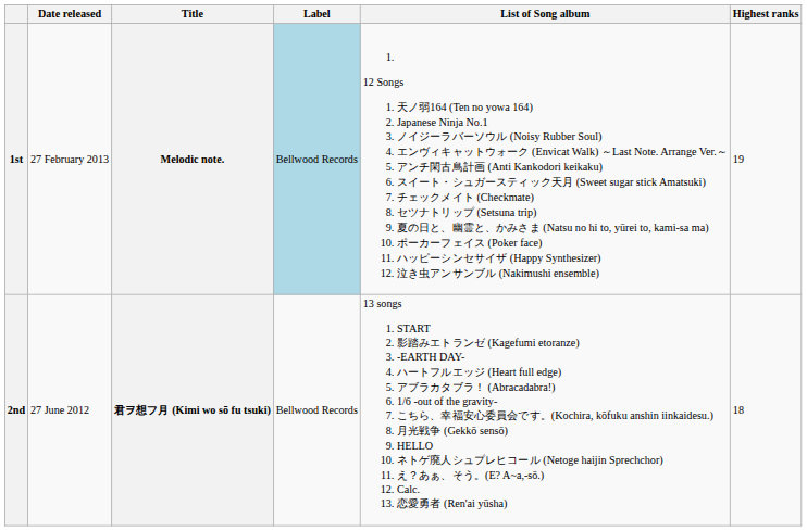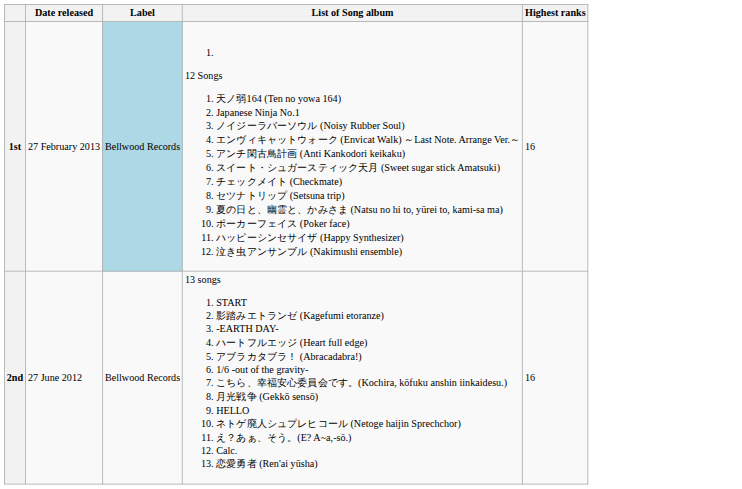 <table class="wikitable" style="font-size: small;">
 <tr>
 <th></th>
 <th>Date released</th>
-<th>Title</th>
 <th>Label</th>
 <th>List of Song album</th>
 <th>Highest ranks</th>
 </tr>
 <tr>
 <th>1st</th>
 <td>27 February 2013</td>
-<th>Melodic note.</th>
 <td style="background: lightblue;">Bellwood Records</td>
 <td><br><ol><li></li></ol>12 Songs<ol><li>天ノ弱164 (Ten no yowa 164)</li><li>Japanese Ninja No.1</li><li>ノイジーラバーソウル (Noisy Rubber Soul)</li><li>エンヴィキャットウォーク (Envicat Walk) ～Last Note. Arrange Ver.～</li><li>アンチ閑古鳥計画 (Anti Kankodori keikaku)</li><li>スイート・シュガースティック天月 (Sweet sugar stick Amatsuki)</li><li>チェックメイト (Checkmate)</li><li>セツナトリップ (Setsuna trip)</li><li>夏の日と、幽霊と、かみさま (Natsu no hi to, yūrei to, kami-sa ma)</li><li>ポーカーフェイス (Poker face)</li><li>ハッピーシンセサイザ (Happy Synthesizer)</li><li>泣き虫アンサンブル (Nakimushi ensemble)</li></ol></td>
-<td>19</td>
+<td>16</td>
 </tr>
 <tr>
 <th>2nd</th>
 <td>27 June 2012</td>
-<th>君ヲ想フ月 (Kimi wo sō fu tsuki)</th>
 <td>Bellwood Records</td>
 <td>13 songs<br><ol><li>START</li><li>影踏みエトランゼ (Kagefumi etoranze)</li><li>-EARTH DAY-</li><li>ハートフルエッジ (Heart full edge)</li><li>アブラカタブラ！ (Abracadabra!)</li><li>1/6 -out of the gravity-</li><li>こちら、幸福安心委員会です。(Kochira, kōfuku anshin iinkaidesu.)</li><li>月光戦争 (Gekkō sensō)</li><li>HELLO</li><li>ネトゲ廃人シュプレヒコール (Netoge haijin Sprechchor)</li><li>え？あぁ、そう。(E? A~a,-sō.)</li><li>Calc.</li><li>恋愛勇者 (Ren'ai yūsha)</li></ol></td>
-<td>18</td>
+<td>16</td>
 </tr>
 </table>
